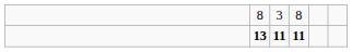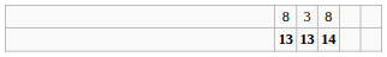 <table class="wikitable">
 <tr>
 <td style="width:18em"></td>
 <td align=center style="width:1em">8</td>
 <td align=center style="width:1em">3</td>
 <td align=center style="width:1em">8</td>
 <td align=center style="width:1em"></td>
 <td align=center style="width:1em"></td>
 </tr>
 <tr>
 <td style="width:18em"><strong></strong></td>
 <td align=center style="width:1em"><strong>13</strong></td>
-<td align=center style="width:1em"><strong>11</strong></td>
-<td align=center style="width:1em"><strong>11</strong></td>
+<td align=center style="width:1em"><strong>13</strong></td>
+<td align=center style="width:1em"><strong>14</strong></td>
 <td align=center style="width:1em"></td>
 <td align=center style="width:1em"></td>
 </tr>
 </table>
